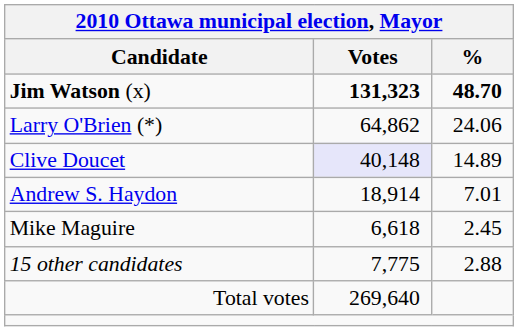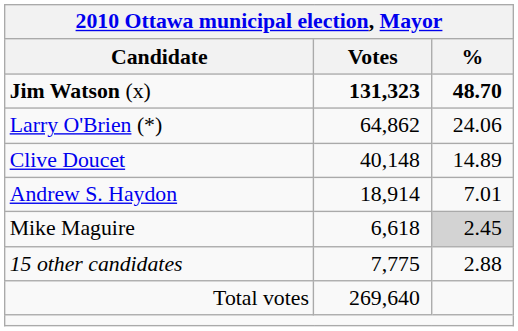 <table class="wikitable collapsible" width=375>
 <tr>
 <th colspan=3><a href='#'>2010 Ottawa municipal election</a>, <a href='#'>Mayor</a></th>
 </tr>
 <tr>
 <th width="220px">Candidate</th>
 <th>Votes</th>
 <th>%</th>
 </tr>
 <tr>
 <td><strong>Jim Watson</strong> (x)</td>
 <td align=right style="padding-left:25px;padding-right:8px;"><strong>131,323</strong></td>
 <td align=right style="padding-left:15px;padding-right:8px;"><strong>48.70</strong></td>
 </tr>
 <tr>
 <td><a href='#'>Larry O'Brien</a> (*)</td>
 <td align=right style="padding-left:25px;padding-right:8px;">64,862</td>
 <td align=right style="padding-left:15px;padding-right:8px;">24.06</td>
 </tr>
 <tr>
 <td><a href='#'>Clive Doucet</a></td>
-<td align=right style="background: lavender; padding-left:25px;padding-right:8px;">40,148</td>
+<td align=right style="padding-left:25px;padding-right:8px;">40,148</td>
 <td align=right style="padding-left:15px;padding-right:8px;">14.89</td>
 </tr>
 <tr>
 <td><a href='#'>Andrew S. Haydon</a></td>
 <td align=right style="padding-left:25px;padding-right:8px;">18,914</td>
 <td align=right style="padding-left:15px;padding-right:8px;">7.01</td>
 </tr>
 <tr>
 <td>Mike Maguire</td>
 <td align=right style="padding-left:25px;padding-right:8px;">6,618</td>
-<td align=right style="padding-left:15px;padding-right:8px;">2.45</td>
+<td align=right style="background: lightgrey; padding-left:15px;padding-right:8px;">2.45</td>
 </tr>
 <tr>
 <td><em>15 other candidates</em></td>
 <td align=right style="padding-left:25px;padding-right:8px;">7,775</td>
 <td align=right style="padding-left:15px;padding-right:8px;">2.88</td>
 </tr>
 <tr>
 <td align=right>Total votes</td>
 <td align=right style="padding-left:25px;padding-right:8px;border-bottom:none;">269,640</td>
 <td align=right style="padding-left:15px;padding-right:8px;border-bottom:none;"></td>
 </tr>
 <tr>
 <td colspan=3 style="border-top:1px solid darkgray;"></td>
 </tr>
 </table>
